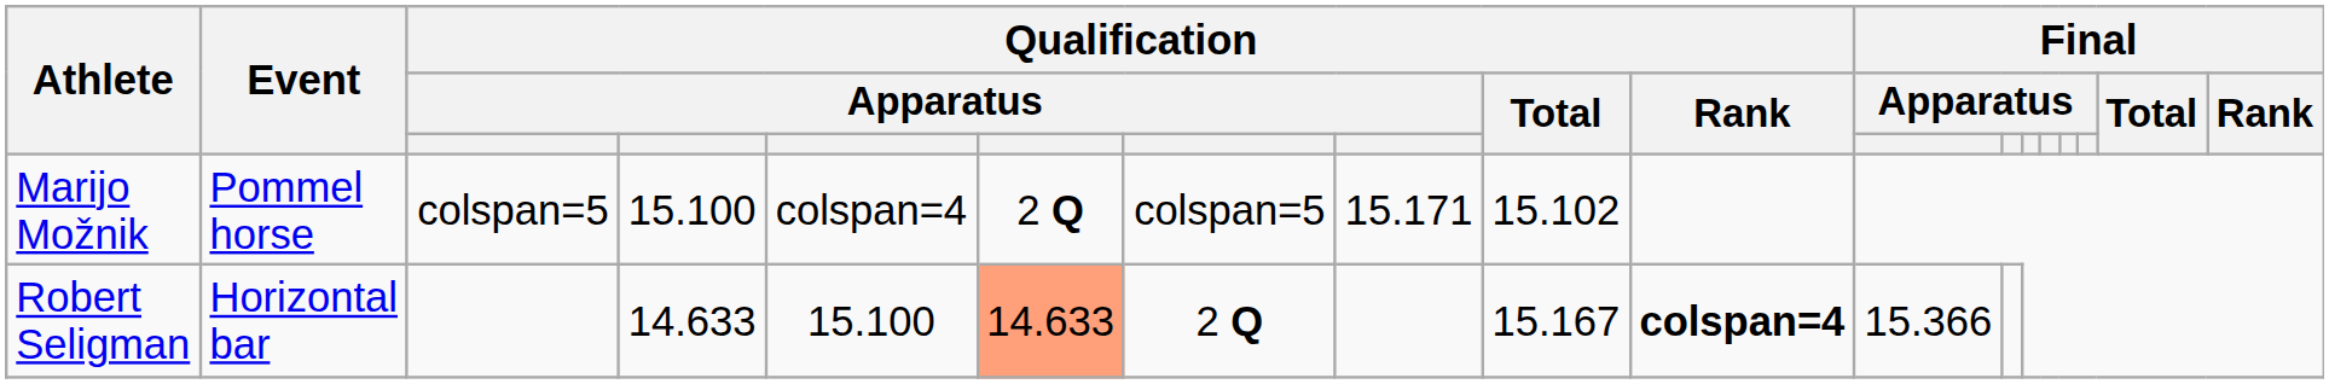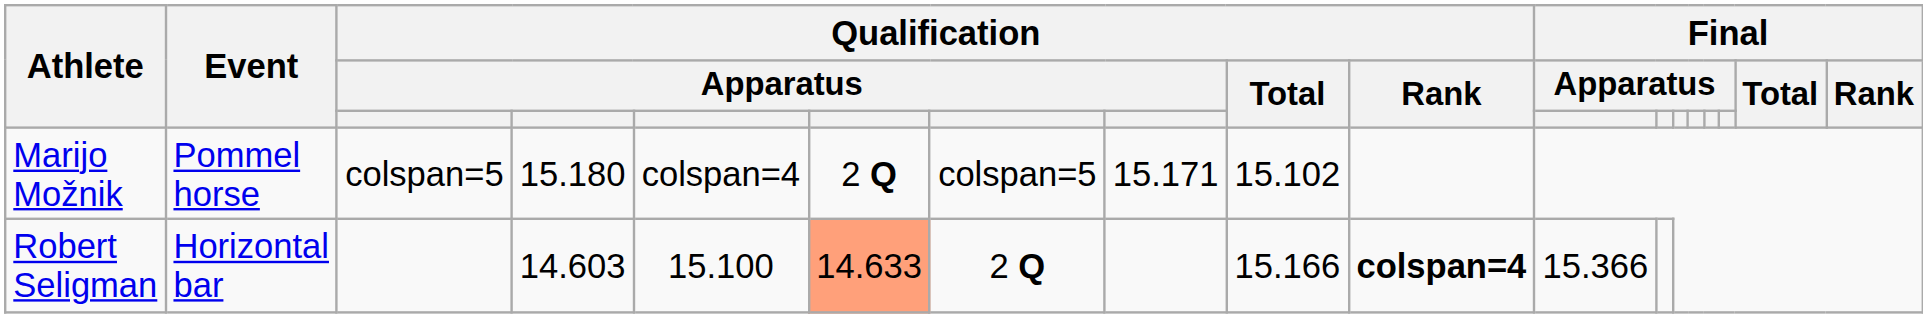 <table class="wikitable" style="font-size:90%">
 <tr>
 <th rowspan=3>Athlete</th>
 <th rowspan=3>Event</th>
 <th colspan =8>Qualification</th>
 <th colspan =8>Final</th>
 </tr>
 <tr style="font-size:95%">
 <th colspan=6>Apparatus</th>
 <th rowspan=2>Total</th>
 <th rowspan=2>Rank</th>
 <th colspan=6>Apparatus</th>
 <th rowspan=2>Total</th>
 <th rowspan=2>Rank</th>
 </tr>
 <tr style="font-size:95%">
 <th></th>
 <th></th>
 <th></th>
 <th></th>
 <th></th>
 <th></th>
 <th></th>
 <th></th>
 <th></th>
 <th></th>
 <th></th>
 <th></th>
 </tr>
 <tr align=center>
 <td align=left><a href='#'>Marijo Možnik</a></td>
 <td align=left><a href='#'>Pommel horse</a></td>
 <td>colspan=5 </td>
-<td>15.100</td>
+<td>15.180</td>
 <td>colspan=4 </td>
 <td>2 <strong>Q</strong></td>
 <td>colspan=5 </td>
 <td>15.171</td>
 <td>15.102</td>
 <td></td>
 </tr>
 <tr align=center>
 <td align=left><a href='#'>Robert Seligman</a></td>
 <td align=left><a href='#'>Horizontal bar</a></td>
 <td></td>
-<td>14.633</td>
+<td>14.603</td>
 <td>15.100</td>
 <td style="background: lightsalmon;">14.633</td>
 <td>2 <strong>Q</strong></td>
 <td></td>
-<td>15.167</td>
+<td>15.166</td>
 <td><strong>colspan=4 </strong></td>
 <td>15.366</td>
 <td></td>
 </tr>
 </table>
